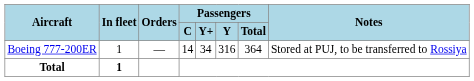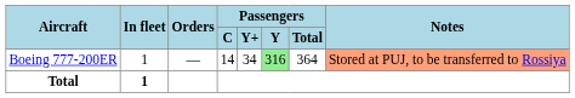 <table class="toccolours" border="1" cellpadding="3" style="border-collapse:collapse;margin:auto;">
 <tr bgcolor=lightblue>
 <th rowspan="2">Aircraft</th>
 <th rowspan="2">In fleet</th>
 <th rowspan="2">Orders</th>
 <th colspan="4">Passengers</th>
 <th rowspan="2">Notes</th>
 </tr>
 <tr bgcolor=lightblue>
 <th><abbr>C</abbr></th>
 <th><abbr>Y+</abbr></th>
 <th><abbr>Y</abbr></th>
 <th>Total</th>
 </tr>
 <tr>
 <td><a href='#'>Boeing 777-200ER</a></td>
 <td align="center">1</td>
 <td align="center">—</td>
 <td align="center">14</td>
 <td align="center">34</td>
-<td align="center">316</td>
+<td align="center" style="background: lightgreen;">316</td>
 <td align="center">364</td>
-<td>Stored at PUJ, to be transferred to <a href='#'>Rossiya</a></td>
+<td style="background: lightsalmon;">Stored at PUJ, to be transferred to <a href='#'>Rossiya</a></td>
 </tr>
 <tr>
 <th>Total</th>
 <th>1</th>
 <th></th>
 <td colspan="5"></td>
 </tr>
 </table>
